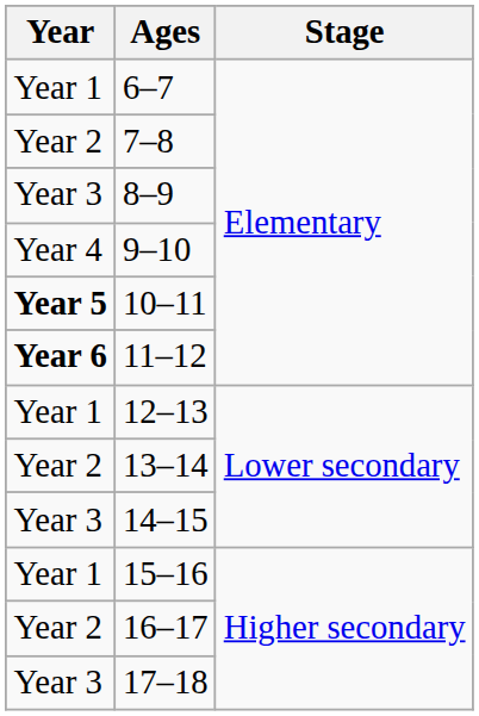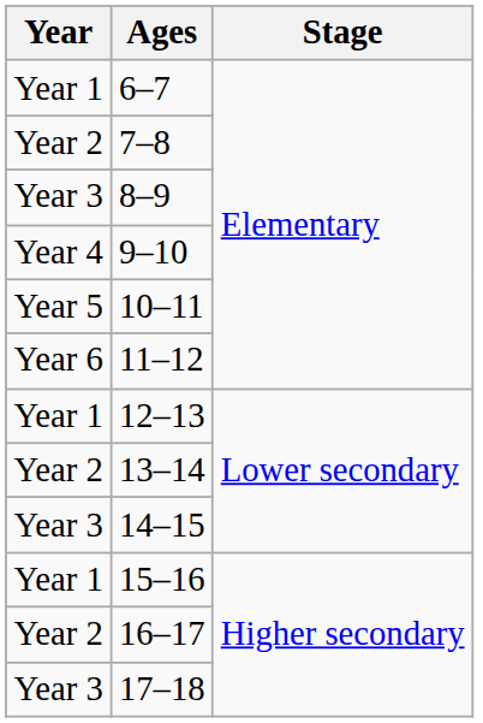 <table class="wikitable">
 <tr>
 <th>Year</th>
 <th>Ages</th>
 <th>Stage</th>
 </tr>
 <tr>
 <td>Year 1</td>
 <td>6–7</td>
 <td rowspan=6><a href='#'>Elementary</a></td>
 </tr>
 <tr>
 <td>Year 2</td>
 <td>7–8</td>
 </tr>
 <tr>
 <td>Year 3</td>
 <td>8–9</td>
 </tr>
 <tr>
 <td>Year 4</td>
 <td>9–10</td>
 </tr>
 <tr>
-<td><strong>Year 5</strong></td>
+<td>Year 5</td>
 <td>10–11</td>
 </tr>
 <tr>
-<td><strong>Year 6</strong></td>
+<td>Year 6</td>
 <td>11–12</td>
 </tr>
 <tr>
 <td>Year 1</td>
 <td>12–13</td>
 <td rowspan=3><a href='#'>Lower secondary</a></td>
 </tr>
 <tr>
 <td>Year 2</td>
 <td>13–14</td>
 </tr>
 <tr>
 <td>Year 3</td>
 <td>14–15</td>
 </tr>
 <tr>
 <td>Year 1</td>
 <td>15–16</td>
 <td rowspan=3><a href='#'>Higher secondary</a></td>
 </tr>
 <tr>
 <td>Year 2</td>
 <td>16–17</td>
 </tr>
 <tr>
 <td>Year 3</td>
 <td>17–18</td>
 </tr>
 </table>
